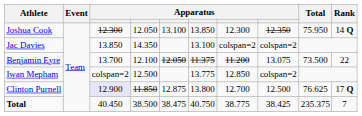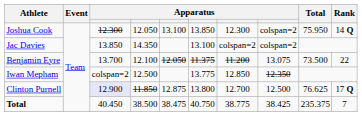 <table class="wikitable" style="font-size:90%">
 <tr>
 <th rowspan=2>Athlete</th>
 <th rowspan=2>Event</th>
 <th colspan=6>Apparatus</th>
 <th rowspan=2>Total</th>
 <th rowspan=2>Rank</th>
 </tr>
 <tr style="font-size:95%">
 <th></th>
 <th></th>
 <th></th>
 <th></th>
 <th></th>
 <th></th>
 </tr>
 <tr align=center>
 <td align=left><a href='#'>Joshua Cook</a></td>
 <td align=left rowspan=6><a href='#'>Team</a></td>
 <td><s>12.300</s></td>
 <td>12.050</td>
 <td>13.100</td>
 <td>13.850</td>
 <td>12.300</td>
-<td><s>12.350</s></td>
+<td>colspan=2 </td>
 <td>75.950</td>
 <td>14 <strong>Q</strong></td>
 </tr>
 <tr align=center>
 <td align=left><a href='#'>Jac Davies</a></td>
 <td>13.850</td>
 <td>14.350</td>
 <td></td>
 <td>13.100</td>
 <td>colspan=2 </td>
 <td>colspan=2 </td>
 </tr>
 <tr align=center>
 <td align=left><a href='#'>Benjamin Eyre</a></td>
 <td>13.700</td>
 <td>12.100</td>
 <td><s>12.050</s></td>
 <td><s>11.375</s></td>
 <td><s>11.200</s></td>
 <td>13.075</td>
 <td>73.500</td>
 <td>22</td>
 </tr>
 <tr align=center>
 <td align=left><a href='#'>Iwan Mepham</a></td>
 <td>colspan=2 </td>
 <td>12.500</td>
 <td></td>
 <td>13.775</td>
 <td>12.850</td>
-<td>colspan=2 </td>
+<td><s>12.350</s></td>
 </tr>
 <tr align=center>
 <td align=left><a href='#'>Clinton Purnell</a></td>
 <td style="background: lavender;">12.900</td>
 <td><s>11.850</s></td>
 <td>12.875</td>
 <td>13.800</td>
 <td>12.700</td>
 <td>12.500</td>
 <td>76.625</td>
 <td>17 <strong>Q</strong></td>
 </tr>
 <tr align=center>
 <td align=left><strong>Total</strong></td>
 <td>40.450</td>
 <td>38.500</td>
 <td>38.475</td>
 <td>40.750</td>
 <td>38.775</td>
 <td>38.425</td>
 <td>235.375</td>
 <td>7</td>
 </tr>
 </table>
